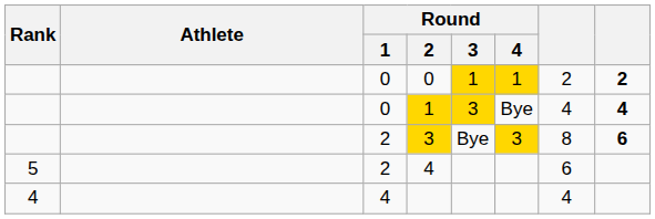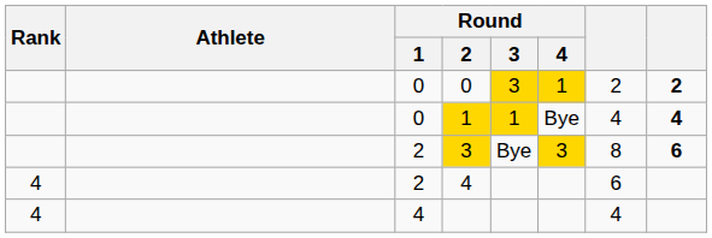 <table class="wikitable" style="text-align: center;">
 <tr>
 <th rowspan="2" width=40>Rank</th>
 <th rowspan="2" width=250>Athlete</th>
 <th colspan="4">Round</th>
 <th rowspan="2" width=40></th>
 <th rowspan="2" width=40></th>
 </tr>
 <tr>
 <th width=30>1</th>
 <th width=30>2</th>
 <th width=30>3</th>
 <th width=30>4</th>
 </tr>
 <tr>
 <td></td>
 <td align="left"></td>
 <td>0</td>
 <td>0</td>
-<td bgcolor=gold>1</td>
+<td bgcolor=gold>3</td>
 <td bgcolor=gold>1</td>
 <td>2</td>
 <td><strong>2</strong></td>
 </tr>
 <tr>
 <td></td>
 <td align="left"></td>
 <td>0</td>
 <td bgcolor=gold>1</td>
-<td bgcolor=gold>3</td>
+<td bgcolor=gold>1</td>
 <td>Bye</td>
 <td>4</td>
 <td><strong>4</strong></td>
 </tr>
 <tr>
 <td></td>
 <td align="left"></td>
 <td>2</td>
 <td bgcolor=gold>3</td>
 <td>Bye</td>
 <td bgcolor=gold>3</td>
 <td>8</td>
 <td><strong>6</strong></td>
 </tr>
 <tr>
-<td>5</td>
+<td>4</td>
 <td align="left"></td>
 <td>2</td>
 <td>4</td>
 <td></td>
 <td></td>
 <td>6</td>
 <td></td>
 </tr>
 <tr>
 <td>4</td>
 <td align="left"></td>
 <td>4</td>
 <td></td>
 <td></td>
 <td></td>
 <td>4</td>
 <td></td>
 </tr>
 </table>
